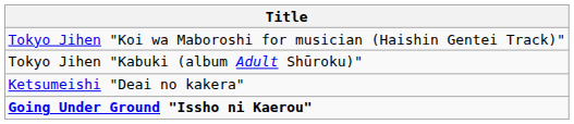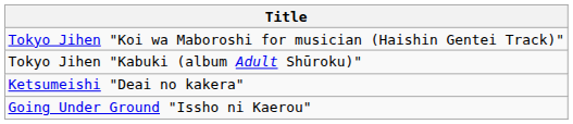 <table class="wikitable">
 <tr>
 <th>Title</th>
 </tr>
 <tr>
 <td><a href='#'>Tokyo Jihen</a> "Koi wa Maboroshi for musician (Haishin Gentei Track)"</td>
 </tr>
 <tr>
 <td>Tokyo Jihen "Kabuki (album <em><a href='#'>Adult</a></em> Shūroku)"</td>
 </tr>
 <tr>
 <td><a href='#'>Ketsumeishi</a> "Deai no kakera"</td>
 </tr>
 <tr>
-<td><strong><a href='#'>Going Under Ground</a> "Issho ni Kaerou"</strong></td>
+<td><a href='#'>Going Under Ground</a> "Issho ni Kaerou"</td>
 </tr>
 </table>
